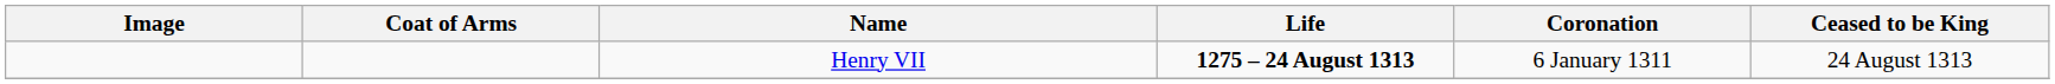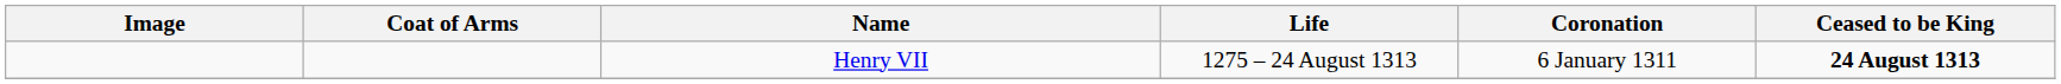 <table width=90% class="wikitable">
 <tr>
 <th width=8%>Image</th>
 <th width=8%>Coat of Arms</th>
 <th width=15%>Name</th>
 <th width=8%>Life</th>
 <th width=8%>Coronation</th>
 <th width=8%>Ceased to be King</th>
 </tr>
 <tr>
 <td></td>
 <td></td>
 <td align="center"><a href='#'>Henry VII</a></td>
-<td align="center"><strong>1275 – 24 August 1313</strong></td>
+<td align="center">1275 – 24 August 1313</td>
 <td align="center">6 January 1311</td>
-<td align="center">24 August 1313</td>
+<td align="center"><strong>24 August 1313</strong></td>
 </tr>
 <tr>
 </tr>
 </table>
